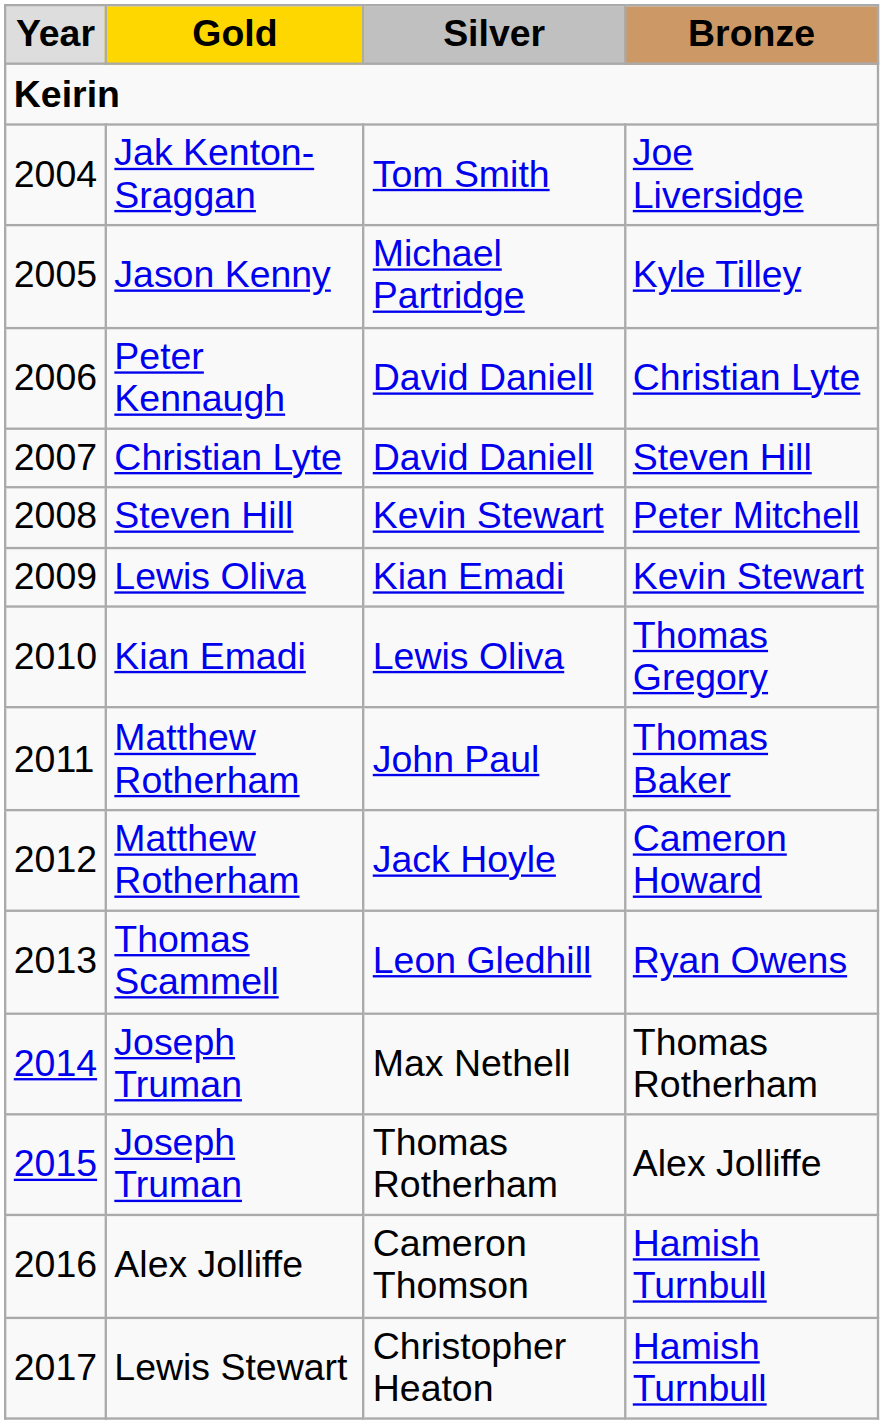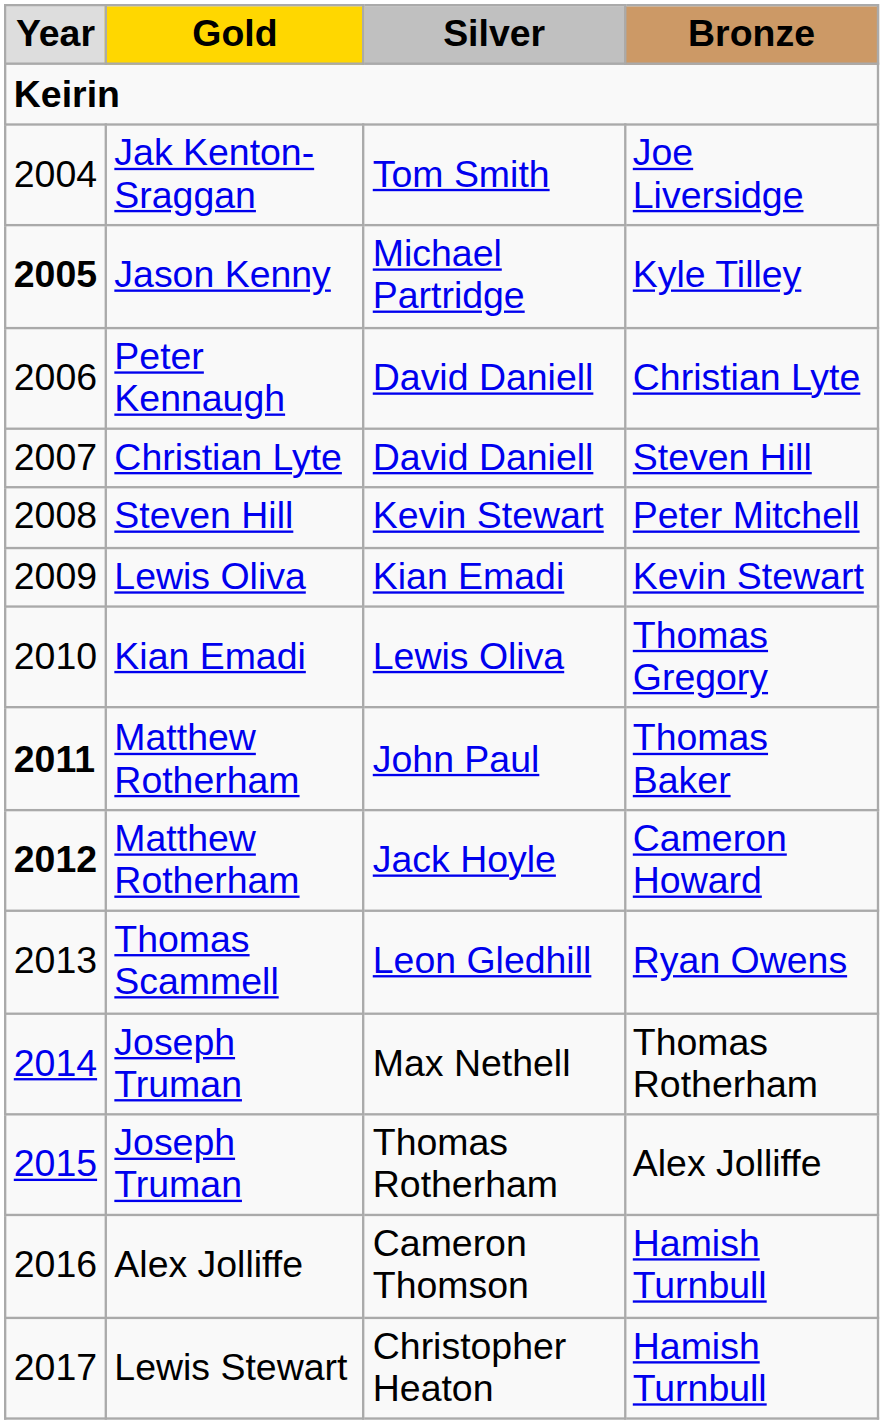 <table class="wikitable" style="width: 60%; text-align:left;">
 <tr style="text-align:center; font-weight:bold;">
 <td style="background:#ddd; ">Year</td>
 <td style="background:gold; ">Gold</td>
 <td style="background:silver; ">Silver</td>
 <td style="background:#c96; ">Bronze</td>
 </tr>
 <tr>
 <td colspan=4><strong>Keirin</strong></td>
 </tr>
 <tr>
 <td>2004</td>
 <td><a href='#'>Jak Kenton-Sraggan</a></td>
 <td><a href='#'>Tom Smith</a></td>
 <td><a href='#'>Joe Liversidge</a></td>
 </tr>
 <tr>
-<td>2005</td>
+<td><strong>2005</strong></td>
 <td><a href='#'>Jason Kenny</a></td>
 <td><a href='#'>Michael Partridge</a></td>
 <td><a href='#'>Kyle Tilley</a></td>
 </tr>
 <tr>
 <td>2006</td>
 <td><a href='#'>Peter Kennaugh</a></td>
 <td><a href='#'>David Daniell</a></td>
 <td><a href='#'>Christian Lyte</a></td>
 </tr>
 <tr>
 <td>2007</td>
 <td><a href='#'>Christian Lyte</a></td>
 <td><a href='#'>David Daniell</a></td>
 <td><a href='#'>Steven Hill</a></td>
 </tr>
 <tr>
 <td>2008</td>
 <td><a href='#'>Steven Hill</a></td>
 <td><a href='#'>Kevin Stewart</a></td>
 <td><a href='#'>Peter Mitchell</a></td>
 </tr>
 <tr>
 <td>2009</td>
 <td><a href='#'>Lewis Oliva</a></td>
 <td><a href='#'>Kian Emadi</a></td>
 <td><a href='#'>Kevin Stewart</a></td>
 </tr>
 <tr>
 <td>2010</td>
 <td><a href='#'>Kian Emadi</a></td>
 <td><a href='#'>Lewis Oliva</a></td>
 <td><a href='#'>Thomas Gregory</a></td>
 </tr>
 <tr>
-<td>2011</td>
+<td><strong>2011</strong></td>
 <td><a href='#'>Matthew Rotherham</a></td>
 <td><a href='#'>John Paul</a></td>
 <td><a href='#'>Thomas Baker</a></td>
 </tr>
 <tr>
-<td>2012</td>
+<td><strong>2012</strong></td>
 <td><a href='#'>Matthew Rotherham</a></td>
 <td><a href='#'>Jack Hoyle</a></td>
 <td><a href='#'>Cameron Howard</a></td>
 </tr>
 <tr>
 <td>2013</td>
 <td><a href='#'>Thomas Scammell</a></td>
 <td><a href='#'>Leon Gledhill</a></td>
 <td><a href='#'>Ryan Owens</a></td>
 </tr>
 <tr>
 <td><a href='#'>2014</a></td>
 <td><a href='#'>Joseph Truman</a></td>
 <td>Max Nethell</td>
 <td>Thomas Rotherham</td>
 </tr>
 <tr>
 <td><a href='#'>2015</a></td>
 <td><a href='#'>Joseph Truman</a></td>
 <td>Thomas Rotherham</td>
 <td>Alex Jolliffe</td>
 </tr>
 <tr>
 <td>2016</td>
 <td>Alex Jolliffe</td>
 <td>Cameron Thomson</td>
 <td><a href='#'>Hamish Turnbull</a></td>
 </tr>
 <tr>
 <td>2017</td>
 <td>Lewis Stewart</td>
 <td>Christopher Heaton</td>
 <td><a href='#'>Hamish Turnbull</a></td>
 </tr>
 </table>
